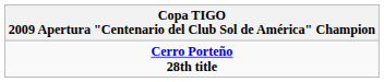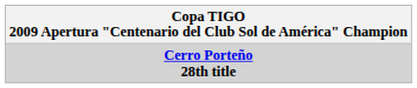 <table class="wikitable" style="text-align: center; margin: 0 auto;">
 <tr>
 <th>Copa TIGO<br>2009 Apertura "Centenario del Club Sol de América" Champion</th>
 </tr>
 <tr>
-<td><strong><a href='#'>Cerro Porteño</a></strong><br><strong>28th title </strong></td>
+<td style="background: lightgrey;"><strong><a href='#'>Cerro Porteño</a></strong><br><strong>28th title </strong></td>
 </tr>
 </table>
